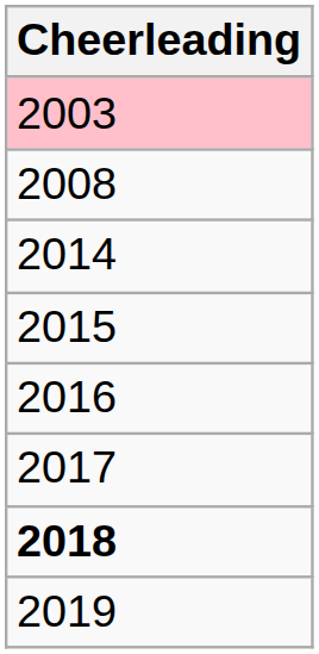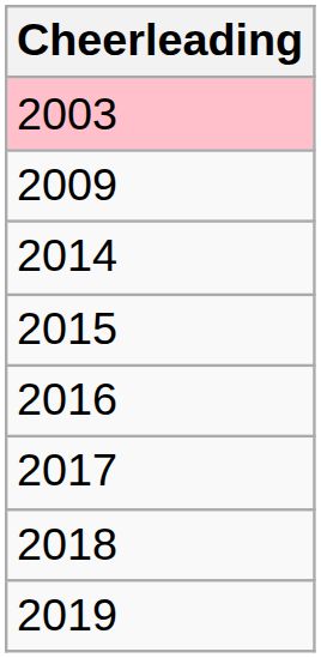 <table class="wikitable">
 <tr>
 <th>Cheerleading</th>
 </tr>
 <tr>
 <td style="background: pink;">2003</td>
 </tr>
 <tr>
-<td>2008</td>
+<td>2009</td>
 </tr>
 <tr>
 <td>2014</td>
 </tr>
 <tr>
 <td>2015</td>
 </tr>
 <tr>
 <td>2016</td>
 </tr>
 <tr>
 <td>2017</td>
 </tr>
 <tr>
-<td><strong>2018</strong></td>
+<td>2018</td>
 </tr>
 <tr>
 <td>2019</td>
 </tr>
 </table>
